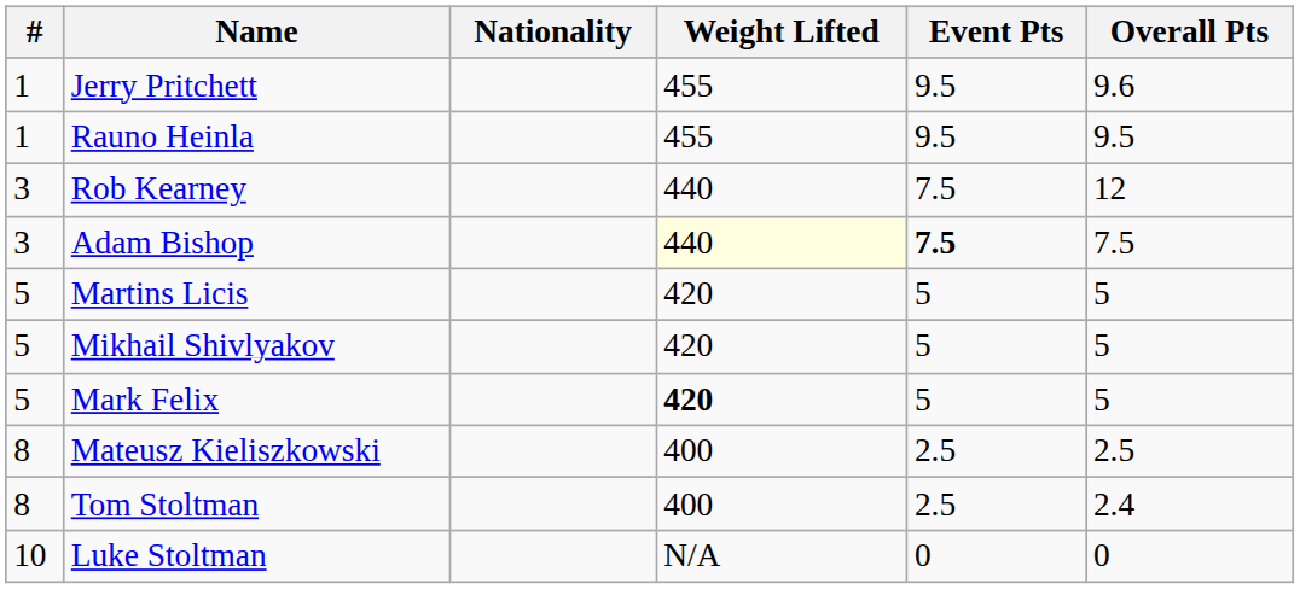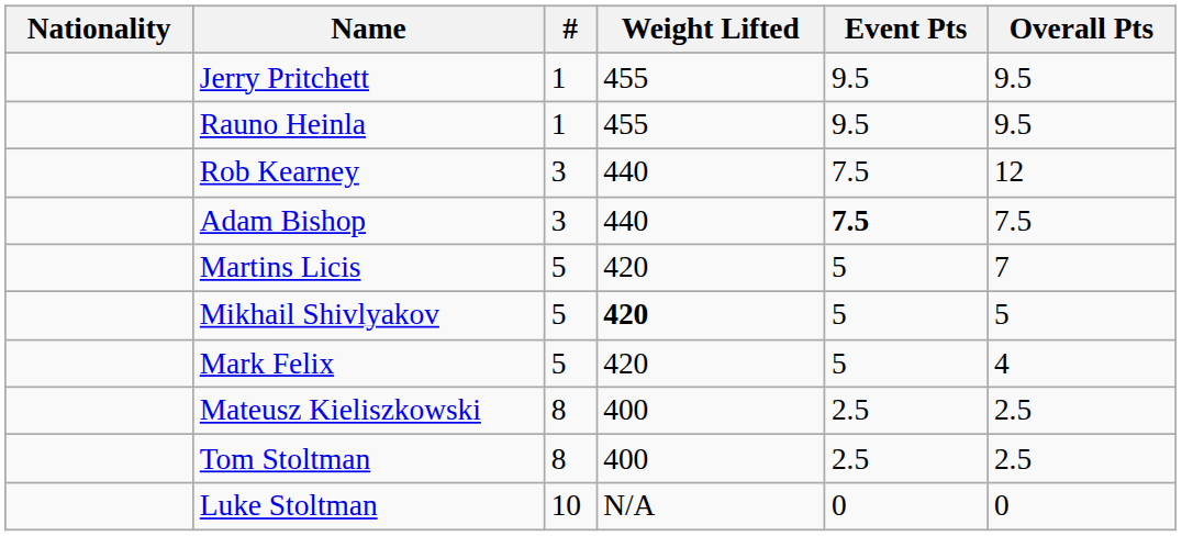 <table class="wikitable sortable" style="display: inline-table;width: 100%;">
 <tr>
+<th>Nationality</th>
+<th>Name</th>
 <th>#</th>
-<th>Name</th>
-<th>Nationality</th>
 <th>Weight Lifted</th>
 <th>Event Pts</th>
 <th>Overall Pts</th>
 </tr>
 <tr>
+<td></td>
+<td><a href='#'>Jerry Pritchett</a></td>
 <td>1</td>
-<td><a href='#'>Jerry Pritchett</a></td>
-<td></td>
-<td>455</td>
-<td>9.5</td>
-<td>9.6</td>
-</tr>
-<tr>
-<td>1</td>
-<td><a href='#'>Rauno Heinla</a></td>
-<td></td>
 <td>455</td>
 <td>9.5</td>
 <td>9.5</td>
 </tr>
 <tr>
+<td></td>
+<td><a href='#'>Rauno Heinla</a></td>
+<td>1</td>
+<td>455</td>
+<td>9.5</td>
+<td>9.5</td>
+</tr>
+<tr>
+<td></td>
+<td><a href='#'>Rob Kearney</a></td>
 <td>3</td>
-<td><a href='#'>Rob Kearney</a></td>
-<td></td>
 <td>440</td>
 <td>7.5</td>
 <td>12</td>
 </tr>
 <tr>
+<td></td>
+<td><a href='#'>Adam Bishop</a></td>
 <td>3</td>
-<td><a href='#'>Adam Bishop</a></td>
-<td></td>
-<td style="background: lightyellow;">440</td>
+<td>440</td>
 <td><strong>7.5</strong></td>
 <td>7.5</td>
 </tr>
 <tr>
+<td></td>
+<td><a href='#'>Martins Licis</a></td>
 <td>5</td>
-<td><a href='#'>Martins Licis</a></td>
-<td></td>
 <td>420</td>
 <td>5</td>
-<td>5</td>
+<td>7</td>
 </tr>
 <tr>
+<td></td>
+<td><a href='#'>Mikhail Shivlyakov</a></td>
 <td>5</td>
-<td><a href='#'>Mikhail Shivlyakov</a></td>
-<td></td>
-<td>420</td>
-<td>5</td>
-<td>5</td>
-</tr>
-<tr>
-<td>5</td>
-<td><a href='#'>Mark Felix</a></td>
-<td></td>
 <td><strong>420</strong></td>
 <td>5</td>
 <td>5</td>
 </tr>
 <tr>
+<td></td>
+<td><a href='#'>Mark Felix</a></td>
+<td>5</td>
+<td>420</td>
+<td>5</td>
+<td>4</td>
+</tr>
+<tr>
+<td></td>
+<td><a href='#'>Mateusz Kieliszkowski</a></td>
 <td>8</td>
-<td><a href='#'>Mateusz Kieliszkowski</a></td>
-<td></td>
 <td>400</td>
 <td>2.5</td>
 <td>2.5</td>
 </tr>
 <tr>
+<td></td>
+<td><a href='#'>Tom Stoltman</a></td>
 <td>8</td>
-<td><a href='#'>Tom Stoltman</a></td>
-<td></td>
 <td>400</td>
 <td>2.5</td>
-<td>2.4</td>
+<td>2.5</td>
 </tr>
 <tr>
+<td></td>
+<td><a href='#'>Luke Stoltman</a></td>
 <td>10</td>
-<td><a href='#'>Luke Stoltman</a></td>
-<td></td>
 <td>N/A</td>
 <td>0</td>
 <td>0</td>
 </tr>
 </table>
